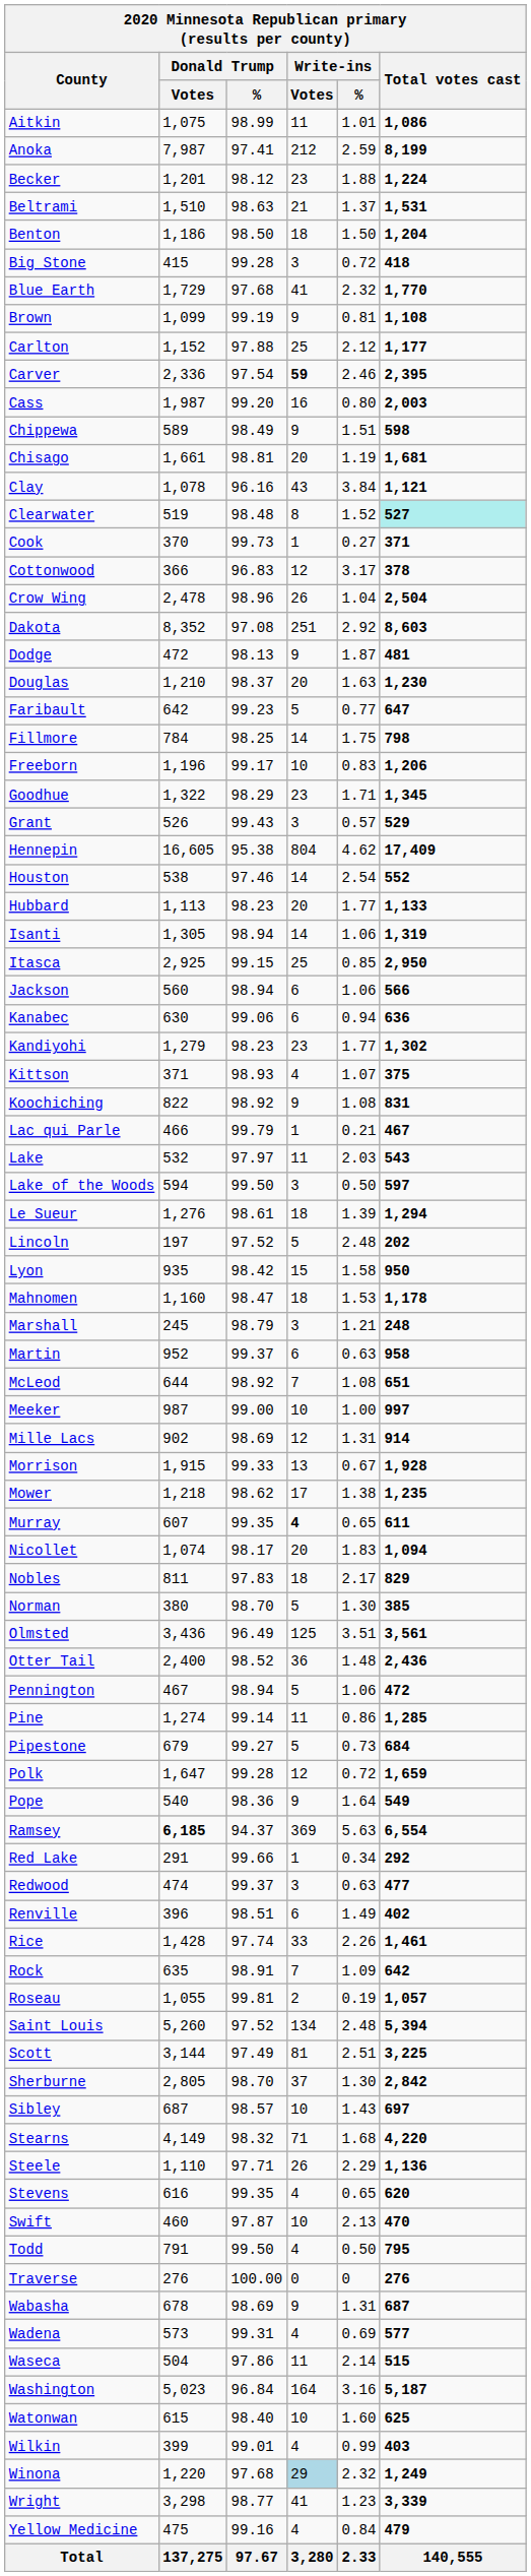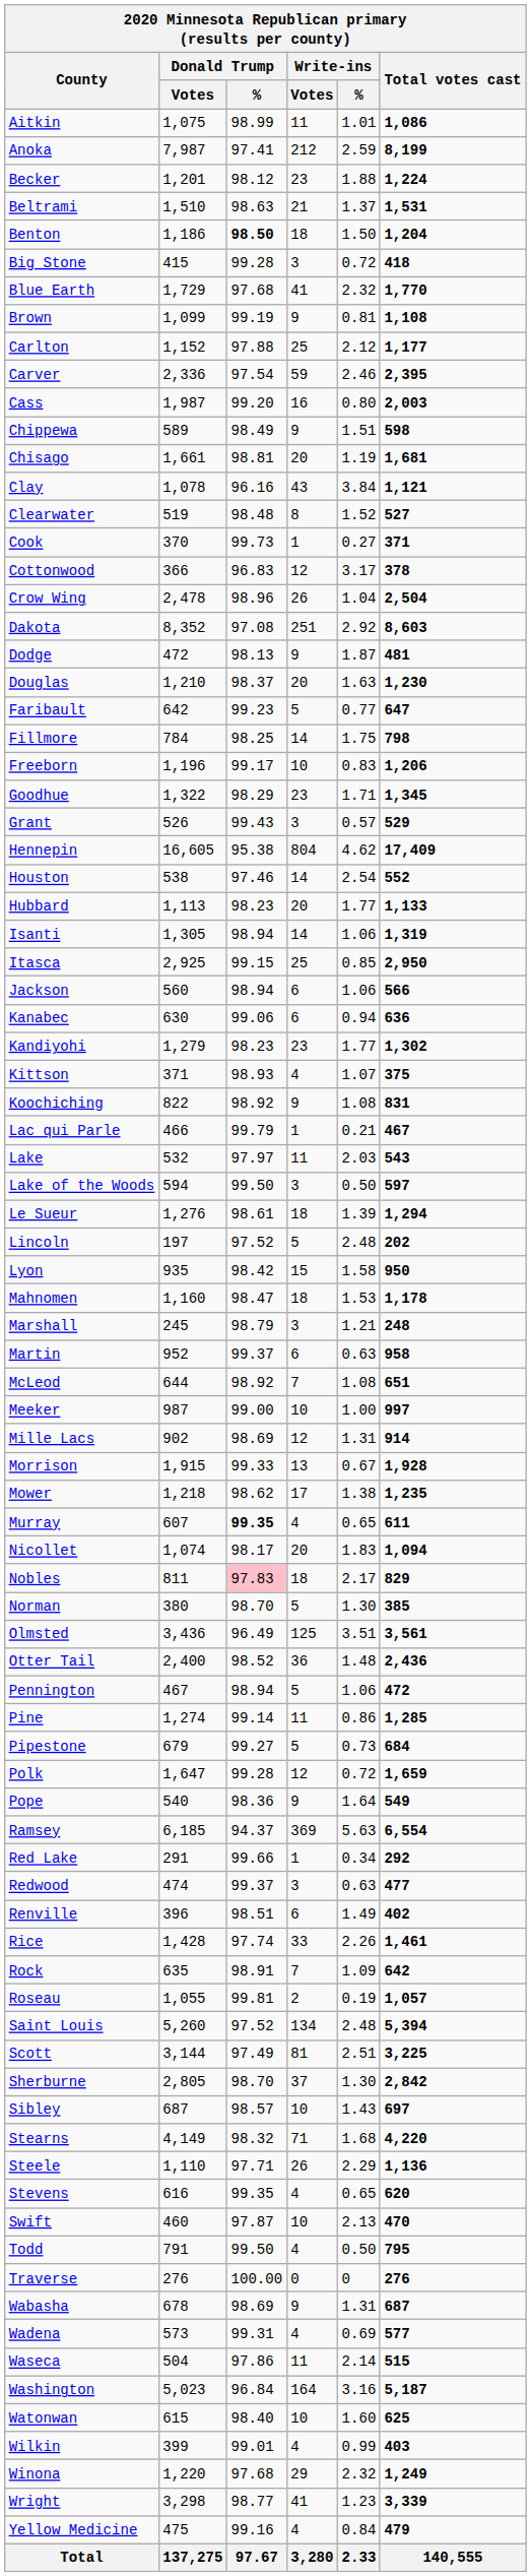 <table class="wikitable sortable mw-collapsible mw-collapsed">
 <tr>
 <th colspan="6"><small>2020 Minnesota Republican primary</small><br><small>(results per county)</small></th>
 </tr>
 <tr>
 <th rowspan="2"><small>County</small></th>
 <th colspan="2"><small>Donald Trump</small></th>
 <th colspan="2"><small>Write-ins</small></th>
 <th rowspan="2"><small>Total votes cast</small></th>
 </tr>
 <tr>
 <th><small>Votes</small></th>
 <th><small>%</small></th>
 <th><small>Votes</small></th>
 <th><small>%</small></th>
 </tr>
 <tr>
 <td><a href='#'><small>Aitkin</small></a></td>
 <td><small>1,075</small></td>
 <td><small>98.99</small></td>
 <td><small>11</small></td>
 <td><small>1.01</small></td>
 <td><strong><small>1,086</small></strong></td>
 </tr>
 <tr>
 <td><a href='#'><small>Anoka</small></a></td>
 <td><small>7,987</small></td>
 <td><small>97.41</small></td>
 <td><small>212</small></td>
 <td><small>2.59</small></td>
 <td><strong><small>8,199</small></strong></td>
 </tr>
 <tr>
 <td><a href='#'><small>Becker</small></a></td>
 <td><small>1,201</small></td>
 <td><small>98.12</small></td>
 <td><small>23</small></td>
 <td><small>1.88</small></td>
 <td><strong><small>1,224</small></strong></td>
 </tr>
 <tr>
 <td><a href='#'><small>Beltrami</small></a></td>
 <td><small>1,510</small></td>
 <td><small>98.63</small></td>
 <td><small>21</small></td>
 <td><small>1.37</small></td>
 <td><strong><small>1,531</small></strong></td>
 </tr>
 <tr>
 <td><a href='#'><small>Benton</small></a></td>
 <td><small>1,186</small></td>
-<td><small>98.50</small></td>
+<td><strong><small>98.50</small></strong></td>
 <td><small>18</small></td>
 <td><small>1.50</small></td>
 <td><strong><small>1,204</small></strong></td>
 </tr>
 <tr>
 <td><a href='#'><small>Big Stone</small></a></td>
 <td><small>415</small></td>
 <td><small>99.28</small></td>
 <td><small>3</small></td>
 <td><small>0.72</small></td>
 <td><strong><small>418</small></strong></td>
 </tr>
 <tr>
 <td><a href='#'><small>Blue Earth</small></a></td>
 <td><small>1,729</small></td>
 <td><small>97.68</small></td>
 <td><small>41</small></td>
 <td><small>2.32</small></td>
 <td><strong><small>1,770</small></strong></td>
 </tr>
 <tr>
 <td><a href='#'><small>Brown</small></a></td>
 <td><small>1,099</small></td>
 <td><small>99.19</small></td>
 <td><small>9</small></td>
 <td><small>0.81</small></td>
 <td><strong><small>1,108</small></strong></td>
 </tr>
 <tr>
 <td><a href='#'><small>Carlton</small></a></td>
 <td><small>1,152</small></td>
 <td><small>97.88</small></td>
 <td><small>25</small></td>
 <td><small>2.12</small></td>
 <td><strong><small>1,177</small></strong></td>
 </tr>
 <tr>
 <td><a href='#'><small>Carver</small></a></td>
 <td><small>2,336</small></td>
 <td><small>97.54</small></td>
-<td><strong><small>59</small></strong></td>
+<td><small>59</small></td>
 <td><small>2.46</small></td>
 <td><strong><small>2,395</small></strong></td>
 </tr>
 <tr>
 <td><a href='#'><small>Cass</small></a></td>
 <td><small>1,987</small></td>
 <td><small>99.20</small></td>
 <td><small>16</small></td>
 <td><small>0.80</small></td>
 <td><strong><small>2,003</small></strong></td>
 </tr>
 <tr>
 <td><a href='#'><small>Chippewa</small></a></td>
 <td><small>589</small></td>
 <td><small>98.49</small></td>
 <td><small>9</small></td>
 <td><small>1.51</small></td>
 <td><strong><small>598</small></strong></td>
 </tr>
 <tr>
 <td><a href='#'><small>Chisago</small></a></td>
 <td><small>1,661</small></td>
 <td><small>98.81</small></td>
 <td><small>20</small></td>
 <td><small>1.19</small></td>
 <td><strong><small>1,681</small></strong></td>
 </tr>
 <tr>
 <td><a href='#'><small>Clay</small></a></td>
 <td><small>1,078</small></td>
 <td><small>96.16</small></td>
 <td><small>43</small></td>
 <td><small>3.84</small></td>
 <td><strong><small>1,121</small></strong></td>
 </tr>
 <tr>
 <td><a href='#'><small>Clearwater</small></a></td>
 <td><small>519</small></td>
 <td><small>98.48</small></td>
 <td><small>8</small></td>
 <td><small>1.52</small></td>
-<td style="background: paleturquoise;"><strong><small>527</small></strong></td>
+<td><strong><small>527</small></strong></td>
 </tr>
 <tr>
 <td><a href='#'><small>Cook</small></a></td>
 <td><small>370</small></td>
 <td><small>99.73</small></td>
 <td><small>1</small></td>
 <td><small>0.27</small></td>
 <td><strong><small>371</small></strong></td>
 </tr>
 <tr>
 <td><a href='#'><small>Cottonwood</small></a></td>
 <td><small>366</small></td>
 <td><small>96.83</small></td>
 <td><small>12</small></td>
 <td><small>3.17</small></td>
 <td><strong><small>378</small></strong></td>
 </tr>
 <tr>
 <td><a href='#'><small>Crow Wing</small></a></td>
 <td><small>2,478</small></td>
 <td><small>98.96</small></td>
 <td><small>26</small></td>
 <td><small>1.04</small></td>
 <td><strong><small>2,504</small></strong></td>
 </tr>
 <tr>
 <td><a href='#'><small>Dakota</small></a></td>
 <td><small>8,352</small></td>
 <td><small>97.08</small></td>
 <td><small>251</small></td>
 <td><small>2.92</small></td>
 <td><strong><small>8,603</small></strong></td>
 </tr>
 <tr>
 <td><a href='#'><small>Dodge</small></a></td>
 <td><small>472</small></td>
 <td><small>98.13</small></td>
 <td><small>9</small></td>
 <td><small>1.87</small></td>
 <td><strong><small>481</small></strong></td>
 </tr>
 <tr>
 <td><a href='#'><small>Douglas</small></a></td>
 <td><small>1,210</small></td>
 <td><small>98.37</small></td>
 <td><small>20</small></td>
 <td><small>1.63</small></td>
 <td><strong><small>1,230</small></strong></td>
 </tr>
 <tr>
 <td><a href='#'><small>Faribault</small></a></td>
 <td><small>642</small></td>
 <td><small>99.23</small></td>
 <td><small>5</small></td>
 <td><small>0.77</small></td>
 <td><strong><small>647</small></strong></td>
 </tr>
 <tr>
 <td><a href='#'><small>Fillmore</small></a></td>
 <td><small>784</small></td>
 <td><small>98.25</small></td>
 <td><small>14</small></td>
 <td><small>1.75</small></td>
 <td><strong><small>798</small></strong></td>
 </tr>
 <tr>
 <td><a href='#'><small>Freeborn</small></a></td>
 <td><small>1,196</small></td>
 <td><small>99.17</small></td>
 <td><small>10</small></td>
 <td><small>0.83</small></td>
 <td><strong><small>1,206</small></strong></td>
 </tr>
 <tr>
 <td><a href='#'><small>Goodhue</small></a></td>
 <td><small>1,322</small></td>
 <td><small>98.29</small></td>
 <td><small>23</small></td>
 <td><small>1.71</small></td>
 <td><strong><small>1,345</small></strong></td>
 </tr>
 <tr>
 <td><a href='#'><small>Grant</small></a></td>
 <td><small>526</small></td>
 <td><small>99.43</small></td>
 <td><small>3</small></td>
 <td><small>0.57</small></td>
 <td><strong><small>529</small></strong></td>
 </tr>
 <tr>
 <td><a href='#'><small>Hennepin</small></a></td>
 <td><small>16,605</small></td>
 <td><small>95.38</small></td>
 <td><small>804</small></td>
 <td><small>4.62</small></td>
 <td><strong><small>17,409</small></strong></td>
 </tr>
 <tr>
 <td><a href='#'><small>Houston</small></a></td>
 <td><small>538</small></td>
 <td><small>97.46</small></td>
 <td><small>14</small></td>
 <td><small>2.54</small></td>
 <td><strong><small>552</small></strong></td>
 </tr>
 <tr>
 <td><a href='#'><small>Hubbard</small></a></td>
 <td><small>1,113</small></td>
 <td><small>98.23</small></td>
 <td><small>20</small></td>
 <td><small>1.77</small></td>
 <td><strong><small>1,133</small></strong></td>
 </tr>
 <tr>
 <td><a href='#'><small>Isanti</small></a></td>
 <td><small>1,305</small></td>
 <td><small>98.94</small></td>
 <td><small>14</small></td>
 <td><small>1.06</small></td>
 <td><strong><small>1,319</small></strong></td>
 </tr>
 <tr>
 <td><a href='#'><small>Itasca</small></a></td>
 <td><small>2,925</small></td>
 <td><small>99.15</small></td>
 <td><small>25</small></td>
 <td><small>0.85</small></td>
 <td><strong><small>2,950</small></strong></td>
 </tr>
 <tr>
 <td><a href='#'><small>Jackson</small></a></td>
 <td><small>560</small></td>
 <td><small>98.94</small></td>
 <td><small>6</small></td>
 <td><small>1.06</small></td>
 <td><strong><small>566</small></strong></td>
 </tr>
 <tr>
 <td><a href='#'><small>Kanabec</small></a></td>
 <td><small>630</small></td>
 <td><small>99.06</small></td>
 <td><small>6</small></td>
 <td><small>0.94</small></td>
 <td><strong><small>636</small></strong></td>
 </tr>
 <tr>
 <td><a href='#'><small>Kandiyohi</small></a></td>
 <td><small>1,279</small></td>
 <td><small>98.23</small></td>
 <td><small>23</small></td>
 <td><small>1.77</small></td>
 <td><strong><small>1,302</small></strong></td>
 </tr>
 <tr>
 <td><a href='#'><small>Kittson</small></a></td>
 <td><small>371</small></td>
 <td><small>98.93</small></td>
 <td><small>4</small></td>
 <td><small>1.07</small></td>
 <td><strong><small>375</small></strong></td>
 </tr>
 <tr>
 <td><a href='#'><small>Koochiching</small></a></td>
 <td><small>822</small></td>
 <td><small>98.92</small></td>
 <td><small>9</small></td>
 <td><small>1.08</small></td>
 <td><strong><small>831</small></strong></td>
 </tr>
 <tr>
 <td><small><a href='#'>Lac qui Parle</a></small></td>
 <td><small>466</small></td>
 <td><small>99.79</small></td>
 <td><small>1</small></td>
 <td><small>0.21</small></td>
 <td><strong><small>467</small></strong></td>
 </tr>
 <tr>
 <td><a href='#'><small>Lake</small></a></td>
 <td><small>532</small></td>
 <td><small>97.97</small></td>
 <td><small>11</small></td>
 <td><small>2.03</small></td>
 <td><strong><small>543</small></strong></td>
 </tr>
 <tr>
 <td><a href='#'><small>Lake of the Woods</small></a></td>
 <td><small>594</small></td>
 <td><small>99.50</small></td>
 <td><small>3</small></td>
 <td><small>0.50</small></td>
 <td><strong><small>597</small></strong></td>
 </tr>
 <tr>
 <td><a href='#'><small>Le Sueur</small></a></td>
 <td><small>1,276</small></td>
 <td><small>98.61</small></td>
 <td><small>18</small></td>
 <td><small>1.39</small></td>
 <td><strong><small>1,294</small></strong></td>
 </tr>
 <tr>
 <td><a href='#'><small>Lincoln</small></a></td>
 <td><small>197</small></td>
 <td><small>97.52</small></td>
 <td><small>5</small></td>
 <td><small>2.48</small></td>
 <td><strong><small>202</small></strong></td>
 </tr>
 <tr>
 <td><a href='#'><small>Lyon</small></a></td>
 <td><small>935</small></td>
 <td><small>98.42</small></td>
 <td><small>15</small></td>
 <td><small>1.58</small></td>
 <td><strong><small>950</small></strong></td>
 </tr>
 <tr>
 <td><a href='#'><small>Mahnomen</small></a></td>
 <td><small>1,160</small></td>
 <td><small>98.47</small></td>
 <td><small>18</small></td>
 <td><small>1.53</small></td>
 <td><strong><small>1,178</small></strong></td>
 </tr>
 <tr>
 <td><a href='#'><small>Marshall</small></a></td>
 <td><small>245</small></td>
 <td><small>98.79</small></td>
 <td><small>3</small></td>
 <td><small>1.21</small></td>
 <td><strong><small>248</small></strong></td>
 </tr>
 <tr>
 <td><a href='#'><small>Martin</small></a></td>
 <td><small>952</small></td>
 <td><small>99.37</small></td>
 <td><small>6</small></td>
 <td><small>0.63</small></td>
 <td><strong><small>958</small></strong></td>
 </tr>
 <tr>
 <td><a href='#'><small>McLeod</small></a></td>
 <td><small>644</small></td>
 <td><small>98.92</small></td>
 <td><small>7</small></td>
 <td><small>1.08</small></td>
 <td><strong><small>651</small></strong></td>
 </tr>
 <tr>
 <td><a href='#'><small>Meeker</small></a></td>
 <td><small>987</small></td>
 <td><small>99.00</small></td>
 <td><small>10</small></td>
 <td><small>1.00</small></td>
 <td><strong><small>997</small></strong></td>
 </tr>
 <tr>
 <td><a href='#'><small>Mille Lacs</small></a></td>
 <td><small>902</small></td>
 <td><small>98.69</small></td>
 <td><small>12</small></td>
 <td><small>1.31</small></td>
 <td><strong><small>914</small></strong></td>
 </tr>
 <tr>
 <td><a href='#'><small>Morrison</small></a></td>
 <td><small>1,915</small></td>
 <td><small>99.33</small></td>
 <td><small>13</small></td>
 <td><small>0.67</small></td>
 <td><strong><small>1,928</small></strong></td>
 </tr>
 <tr>
 <td><a href='#'><small>Mower</small></a></td>
 <td><small>1,218</small></td>
 <td><small>98.62</small></td>
 <td><small>17</small></td>
 <td><small>1.38</small></td>
 <td><strong><small>1,235</small></strong></td>
 </tr>
 <tr>
 <td><a href='#'><small>Murray</small></a></td>
 <td><small>607</small></td>
-<td><small>99.35</small></td>
-<td><strong><small>4</small></strong></td>
+<td><strong><small>99.35</small></strong></td>
+<td><small>4</small></td>
 <td><small>0.65</small></td>
 <td><strong><small>611</small></strong></td>
 </tr>
 <tr>
 <td><a href='#'><small>Nicollet</small></a></td>
 <td><small>1,074</small></td>
 <td><small>98.17</small></td>
 <td><small>20</small></td>
 <td><small>1.83</small></td>
 <td><strong><small>1,094</small></strong></td>
 </tr>
 <tr>
 <td><a href='#'><small>Nobles</small></a></td>
 <td><small>811</small></td>
-<td><small>97.83</small></td>
+<td style="background: pink;"><small>97.83</small></td>
 <td><small>18</small></td>
 <td><small>2.17</small></td>
 <td><strong><small>829</small></strong></td>
 </tr>
 <tr>
 <td><a href='#'><small>Norman</small></a></td>
 <td><small>380</small></td>
 <td><small>98.70</small></td>
 <td><small>5</small></td>
 <td><small>1.30</small></td>
 <td><strong><small>385</small></strong></td>
 </tr>
 <tr>
 <td><a href='#'><small>Olmsted</small></a></td>
 <td><small>3,436</small></td>
 <td><small>96.49</small></td>
 <td><small>125</small></td>
 <td><small>3.51</small></td>
 <td><strong><small>3,561</small></strong></td>
 </tr>
 <tr>
 <td><a href='#'><small>Otter Tail</small></a></td>
 <td><small>2,400</small></td>
 <td><small>98.52</small></td>
 <td><small>36</small></td>
 <td><small>1.48</small></td>
 <td><strong><small>2,436</small></strong></td>
 </tr>
 <tr>
 <td><a href='#'><small>Pennington</small></a></td>
 <td><small>467</small></td>
 <td><small>98.94</small></td>
 <td><small>5</small></td>
 <td><small>1.06</small></td>
 <td><strong><small>472</small></strong></td>
 </tr>
 <tr>
 <td><a href='#'><small>Pine</small></a></td>
 <td><small>1,274</small></td>
 <td><small>99.14</small></td>
 <td><small>11</small></td>
 <td><small>0.86</small></td>
 <td><strong><small>1,285</small></strong></td>
 </tr>
 <tr>
 <td><a href='#'><small>Pipestone</small></a></td>
 <td><small>679</small></td>
 <td><small>99.27</small></td>
 <td><small>5</small></td>
 <td><small>0.73</small></td>
 <td><strong><small>684</small></strong></td>
 </tr>
 <tr>
 <td><a href='#'><small>Polk</small></a></td>
 <td><small>1,647</small></td>
 <td><small>99.28</small></td>
 <td><small>12</small></td>
 <td><small>0.72</small></td>
 <td><strong><small>1,659</small></strong></td>
 </tr>
 <tr>
 <td><a href='#'><small>Pope</small></a></td>
 <td><small>540</small></td>
 <td><small>98.36</small></td>
 <td><small>9</small></td>
 <td><small>1.64</small></td>
 <td><strong><small>549</small></strong></td>
 </tr>
 <tr>
 <td><a href='#'><small>Ramsey</small></a></td>
-<td><strong><small>6,185</small></strong></td>
+<td><small>6,185</small></td>
 <td><small>94.37</small></td>
 <td><small>369</small></td>
 <td><small>5.63</small></td>
 <td><strong><small>6,554</small></strong></td>
 </tr>
 <tr>
 <td><a href='#'><small>Red Lake</small></a></td>
 <td><small>291</small></td>
 <td><small>99.66</small></td>
 <td><small>1</small></td>
 <td><small>0.34</small></td>
 <td><strong><small>292</small></strong></td>
 </tr>
 <tr>
 <td><a href='#'><small>Redwood</small></a></td>
 <td><small>474</small></td>
 <td><small>99.37</small></td>
 <td><small>3</small></td>
 <td><small>0.63</small></td>
 <td><strong><small>477</small></strong></td>
 </tr>
 <tr>
 <td><a href='#'><small>Renville</small></a></td>
 <td><small>396</small></td>
 <td><small>98.51</small></td>
 <td><small>6</small></td>
 <td><small>1.49</small></td>
 <td><strong><small>402</small></strong></td>
 </tr>
 <tr>
 <td><a href='#'><small>Rice</small></a></td>
 <td><small>1,428</small></td>
 <td><small>97.74</small></td>
 <td><small>33</small></td>
 <td><small>2.26</small></td>
 <td><strong><small>1,461</small></strong></td>
 </tr>
 <tr>
 <td><a href='#'><small>Rock</small></a></td>
 <td><small>635</small></td>
 <td><small>98.91</small></td>
 <td><small>7</small></td>
 <td><small>1.09</small></td>
 <td><strong><small>642</small></strong></td>
 </tr>
 <tr>
 <td><a href='#'><small>Roseau</small></a></td>
 <td><small>1,055</small></td>
 <td><small>99.81</small></td>
 <td><small>2</small></td>
 <td><small>0.19</small></td>
 <td><strong><small>1,057</small></strong></td>
 </tr>
 <tr>
 <td><a href='#'><small>Saint Louis</small></a></td>
 <td><small>5,260</small></td>
 <td><small>97.52</small></td>
 <td><small>134</small></td>
 <td><small>2.48</small></td>
 <td><strong><small>5,394</small></strong></td>
 </tr>
 <tr>
 <td><a href='#'><small>Scott</small></a></td>
 <td><small>3,144</small></td>
 <td><small>97.49</small></td>
 <td><small>81</small></td>
 <td><small>2.51</small></td>
 <td><strong><small>3,225</small></strong></td>
 </tr>
 <tr>
 <td><a href='#'><small>Sherburne</small></a></td>
 <td><small>2,805</small></td>
 <td><small>98.70</small></td>
 <td><small>37</small></td>
 <td><small>1.30</small></td>
 <td><strong><small>2,842</small></strong></td>
 </tr>
 <tr>
 <td><a href='#'><small>Sibley</small></a></td>
 <td><small>687</small></td>
 <td><small>98.57</small></td>
 <td><small>10</small></td>
 <td><small>1.43</small></td>
 <td><strong><small>697</small></strong></td>
 </tr>
 <tr>
 <td><a href='#'><small>Stearns</small></a></td>
 <td><small>4,149</small></td>
 <td><small>98.32</small></td>
 <td><small>71</small></td>
 <td><small>1.68</small></td>
 <td><strong><small>4,220</small></strong></td>
 </tr>
 <tr>
 <td><a href='#'><small>Steele</small></a></td>
 <td><small>1,110</small></td>
 <td><small>97.71</small></td>
 <td><small>26</small></td>
 <td><small>2.29</small></td>
 <td><strong><small>1,136</small></strong></td>
 </tr>
 <tr>
 <td><a href='#'><small>Stevens</small></a></td>
 <td><small>616</small></td>
 <td><small>99.35</small></td>
 <td><small>4</small></td>
 <td><small>0.65</small></td>
 <td><strong><small>620</small></strong></td>
 </tr>
 <tr>
 <td><a href='#'><small>Swift</small></a></td>
 <td><small>460</small></td>
 <td><small>97.87</small></td>
 <td><small>10</small></td>
 <td><small>2.13</small></td>
 <td><strong><small>470</small></strong></td>
 </tr>
 <tr>
 <td><a href='#'><small>Todd</small></a></td>
 <td><small>791</small></td>
 <td><small>99.50</small></td>
 <td><small>4</small></td>
 <td><small>0.50</small></td>
 <td><strong><small>795</small></strong></td>
 </tr>
 <tr>
 <td><a href='#'><small>Traverse</small></a></td>
 <td><small>276</small></td>
 <td><small>100.00</small></td>
 <td><small>0</small></td>
 <td><small>0</small></td>
 <td><strong><small>276</small></strong></td>
 </tr>
 <tr>
 <td><a href='#'><small>Wabasha</small></a></td>
 <td><small>678</small></td>
 <td><small>98.69</small></td>
 <td><small>9</small></td>
 <td><small>1.31</small></td>
 <td><strong><small>687</small></strong></td>
 </tr>
 <tr>
 <td><a href='#'><small>Wadena</small></a></td>
 <td><small>573</small></td>
 <td><small>99.31</small></td>
 <td><small>4</small></td>
 <td><small>0.69</small></td>
 <td><strong><small>577</small></strong></td>
 </tr>
 <tr>
 <td><a href='#'><small>Waseca</small></a></td>
 <td><small>504</small></td>
 <td><small>97.86</small></td>
 <td><small>11</small></td>
 <td><small>2.14</small></td>
 <td><strong><small>515</small></strong></td>
 </tr>
 <tr>
 <td><a href='#'><small>Washington</small></a></td>
 <td><small>5,023</small></td>
 <td><small>96.84</small></td>
 <td><small>164</small></td>
 <td><small>3.16</small></td>
 <td><strong><small>5,187</small></strong></td>
 </tr>
 <tr>
 <td><a href='#'><small>Watonwan</small></a></td>
 <td><small>615</small></td>
 <td><small>98.40</small></td>
 <td><small>10</small></td>
 <td><small>1.60</small></td>
 <td><strong><small>625</small></strong></td>
 </tr>
 <tr>
 <td><a href='#'><small>Wilkin</small></a></td>
 <td><small>399</small></td>
 <td><small>99.01</small></td>
 <td><small>4</small></td>
 <td><small>0.99</small></td>
 <td><strong><small>403</small></strong></td>
 </tr>
 <tr>
 <td><a href='#'><small>Winona</small></a></td>
 <td><small>1,220</small></td>
 <td><small>97.68</small></td>
-<td style="background: lightblue;"><small>29</small></td>
+<td><small>29</small></td>
 <td><small>2.32</small></td>
 <td><strong><small>1,249</small></strong></td>
 </tr>
 <tr>
 <td><a href='#'><small>Wright</small></a></td>
 <td><small>3,298</small></td>
 <td><small>98.77</small></td>
 <td><small>41</small></td>
 <td><small>1.23</small></td>
 <td><strong><small>3,339</small></strong></td>
 </tr>
 <tr>
 <td><a href='#'><small>Yellow Medicine</small></a></td>
 <td><small>475</small></td>
 <td><small>99.16</small></td>
 <td><small>4</small></td>
 <td><small>0.84</small></td>
 <td><strong><small>479</small></strong></td>
 </tr>
 <tr>
 <th><small>Total</small></th>
 <th><strong><small>137,275</small></strong></th>
 <th><small>97.67</small></th>
 <th><strong><small>3,280</small></strong></th>
 <th><small>2.33</small></th>
 <th><strong><small>140,555</small></strong></th>
 </tr>
 </table>
